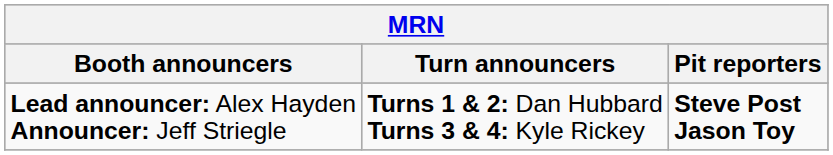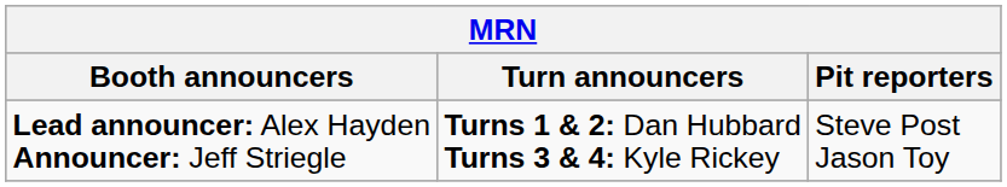 <table class="wikitable" style="font-size: 95%">
 <tr>
 <th colspan="3"><a href='#'>MRN</a></th>
 </tr>
 <tr>
 <th>Booth announcers</th>
 <th>Turn announcers</th>
 <th>Pit reporters</th>
 </tr>
 <tr>
 <td><strong>Lead announcer:</strong> Alex Hayden<br><strong>Announcer:</strong> Jeff Striegle</td>
 <td><strong>Turns 1 & 2:</strong> Dan Hubbard<br><strong>Turns 3 & 4:</strong> Kyle Rickey</td>
-<td><strong>Steve Post<br>Jason Toy</strong></td>
+<td>Steve Post<br>Jason Toy</td>
 </tr>
 </table>
